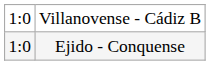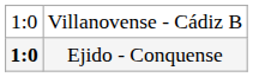 <table class="wikitable">
 <tr align=center bgcolor=white>
 <td>1:0</td>
 <td>Villanovense - Cádiz B</td>
 </tr>
 <tr align=center bgcolor=#F5F5F5>
-<td>1:0</td>
+<td><strong>1:0</strong></td>
 <td>Ejido - Conquense</td>
 </tr>
 </table>
